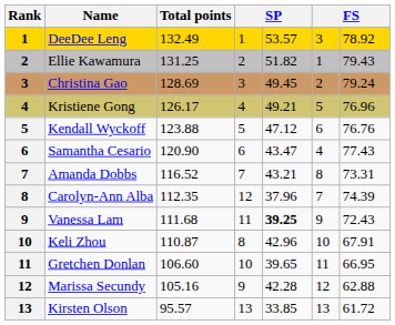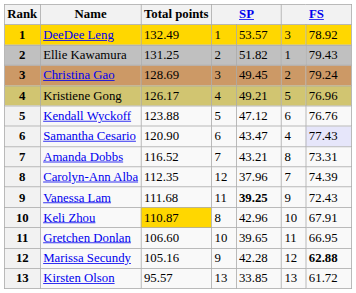 <table class="wikitable sortable">
 <tr>
 <th>Rank</th>
 <th>Name</th>
 <th>Total points</th>
 <th colspan="2" width="80px"><a href='#'>SP</a></th>
 <th colspan="2" width="80px"><a href='#'>FS</a></th>
 </tr>
 <tr bgcolor="gold">
 <td align="center"><strong>1</strong></td>
 <td><a href='#'>DeeDee Leng</a></td>
 <td>132.49</td>
 <td>1</td>
 <td>53.57</td>
 <td>3</td>
 <td>78.92</td>
 </tr>
 <tr bgcolor="silver">
 <td align="center"><strong>2</strong></td>
 <td>Ellie Kawamura</td>
 <td>131.25</td>
 <td>2</td>
 <td>51.82</td>
 <td>1</td>
 <td>79.43</td>
 </tr>
 <tr bgcolor="cc9966">
 <td align="center"><strong>3</strong></td>
 <td><a href='#'>Christina Gao</a></td>
 <td>128.69</td>
 <td>3</td>
 <td>49.45</td>
 <td>2</td>
 <td>79.24</td>
 </tr>
 <tr bgcolor="#d1c571">
 <td align="center"><strong>4</strong></td>
 <td>Kristiene Gong</td>
 <td>126.17</td>
 <td>4</td>
 <td>49.21</td>
 <td>5</td>
 <td>76.96</td>
 </tr>
 <tr>
 <th>5</th>
 <td><a href='#'>Kendall Wyckoff</a></td>
 <td>123.88</td>
 <td>5</td>
 <td>47.12</td>
 <td>6</td>
 <td>76.76</td>
 </tr>
 <tr>
 <th>6</th>
 <td><a href='#'>Samantha Cesario</a></td>
 <td>120.90</td>
 <td>6</td>
 <td>43.47</td>
 <td>4</td>
-<td>77.43</td>
+<td style="background: lavender;">77.43</td>
 </tr>
 <tr>
 <th>7</th>
 <td><a href='#'>Amanda Dobbs</a></td>
 <td>116.52</td>
 <td>7</td>
 <td>43.21</td>
 <td>8</td>
 <td>73.31</td>
 </tr>
 <tr>
 <th>8</th>
 <td><a href='#'>Carolyn-Ann Alba</a></td>
 <td>112.35</td>
 <td>12</td>
 <td>37.96</td>
 <td>7</td>
 <td>74.39</td>
 </tr>
 <tr>
 <th>9</th>
 <td><a href='#'>Vanessa Lam</a></td>
 <td>111.68</td>
 <td>11</td>
 <td><strong>39.25</strong></td>
 <td>9</td>
 <td>72.43</td>
 </tr>
 <tr>
 <th>10</th>
 <td><a href='#'>Keli Zhou</a></td>
-<td>110.87</td>
+<td style="background: gold;">110.87</td>
 <td>8</td>
 <td>42.96</td>
 <td>10</td>
 <td>67.91</td>
 </tr>
 <tr>
 <th>11</th>
 <td><a href='#'>Gretchen Donlan</a></td>
 <td>106.60</td>
 <td>10</td>
 <td>39.65</td>
 <td>11</td>
 <td>66.95</td>
 </tr>
 <tr>
 <th>12</th>
 <td><a href='#'>Marissa Secundy</a></td>
 <td>105.16</td>
 <td>9</td>
 <td>42.28</td>
 <td>12</td>
-<td>62.88</td>
+<td><strong>62.88</strong></td>
 </tr>
 <tr>
 <th>13</th>
 <td><a href='#'>Kirsten Olson</a></td>
 <td>95.57</td>
 <td>13</td>
 <td>33.85</td>
 <td>13</td>
 <td>61.72</td>
 </tr>
 </table>
